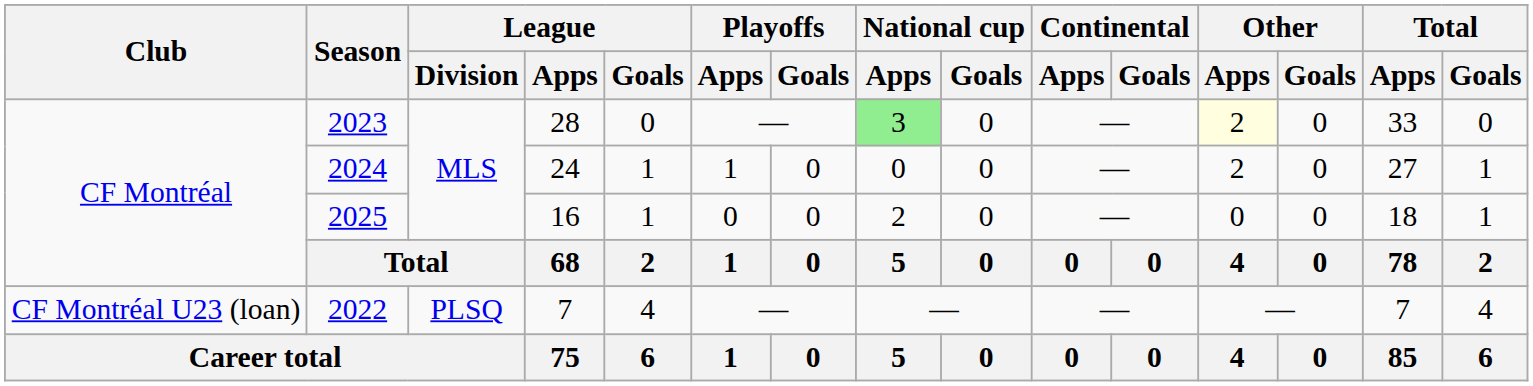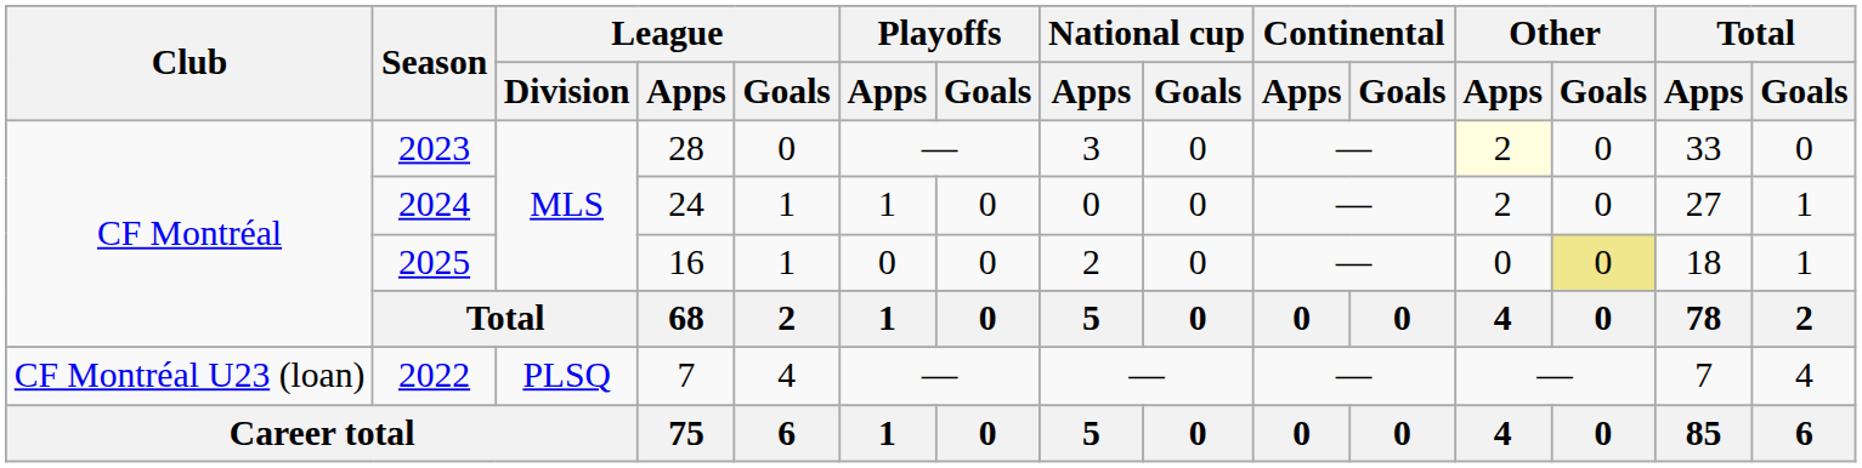 <table class="wikitable" style="text-align: center;">
 <tr>
 <th rowspan="2">Club</th>
 <th rowspan="2">Season</th>
 <th colspan="3">League</th>
 <th colspan="2">Playoffs</th>
 <th colspan="2">National cup</th>
 <th colspan="2">Continental</th>
 <th colspan="2">Other</th>
 <th colspan="2">Total</th>
 </tr>
 <tr>
 <th>Division</th>
 <th>Apps</th>
 <th>Goals</th>
 <th>Apps</th>
 <th>Goals</th>
 <th>Apps</th>
 <th>Goals</th>
 <th>Apps</th>
 <th>Goals</th>
 <th>Apps</th>
 <th>Goals</th>
 <th>Apps</th>
 <th>Goals</th>
 </tr>
 <tr>
 <td rowspan="4"><a href='#'>CF Montréal</a></td>
 <td><a href='#'>2023</a></td>
 <td rowspan="3"><a href='#'>MLS</a></td>
 <td>28</td>
 <td>0</td>
 <td colspan="2">—</td>
-<td style="background: lightgreen;">3</td>
+<td>3</td>
 <td>0</td>
 <td colspan="2">—</td>
 <td style="background: lightyellow;">2</td>
 <td>0</td>
 <td>33</td>
 <td>0</td>
 </tr>
 <tr>
 <td><a href='#'>2024</a></td>
 <td>24</td>
 <td>1</td>
 <td>1</td>
 <td>0</td>
 <td>0</td>
 <td>0</td>
 <td colspan="2">—</td>
 <td>2</td>
 <td>0</td>
 <td>27</td>
 <td>1</td>
 </tr>
 <tr>
 <td><a href='#'>2025</a></td>
 <td>16</td>
 <td>1</td>
 <td>0</td>
 <td>0</td>
 <td>2</td>
 <td>0</td>
 <td colspan="2">—</td>
 <td>0</td>
-<td>0</td>
+<td style="background: khaki;">0</td>
 <td>18</td>
 <td>1</td>
 </tr>
 <tr>
 <th colspan="2">Total</th>
 <th>68</th>
 <th>2</th>
 <th>1</th>
 <th>0</th>
 <th>5</th>
 <th>0</th>
 <th>0</th>
 <th>0</th>
 <th>4</th>
 <th>0</th>
 <th>78</th>
 <th>2</th>
 </tr>
 <tr>
 <td><a href='#'>CF Montréal U23</a> (loan)</td>
 <td><a href='#'>2022</a></td>
 <td><a href='#'>PLSQ</a></td>
 <td>7</td>
 <td>4</td>
 <td colspan="2">—</td>
 <td colspan="2">—</td>
 <td colspan="2">—</td>
 <td colspan="2">—</td>
 <td>7</td>
 <td>4</td>
 </tr>
 <tr>
 <th colspan="3">Career total</th>
 <th>75</th>
 <th>6</th>
 <th>1</th>
 <th>0</th>
 <th>5</th>
 <th>0</th>
 <th>0</th>
 <th>0</th>
 <th>4</th>
 <th>0</th>
 <th>85</th>
 <th>6</th>
 </tr>
 </table>
